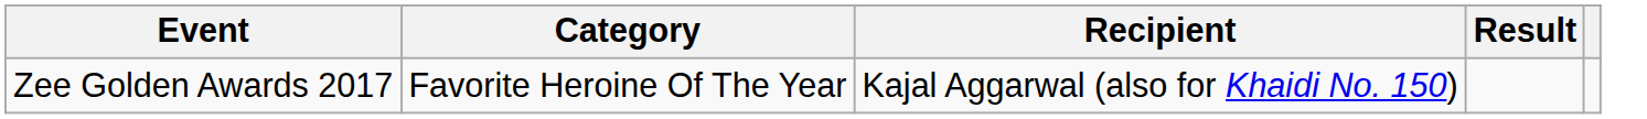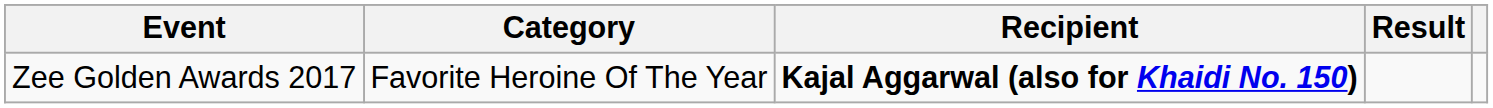 <table class="wikitable">
 <tr>
 <th>Event</th>
 <th>Category</th>
 <th>Recipient</th>
 <th>Result</th>
 <th></th>
 </tr>
 <tr>
 <td rowspan="4">Zee Golden Awards 2017</td>
 <td>Favorite Heroine Of The Year</td>
-<td>Kajal Aggarwal (also for <em><a href='#'>Khaidi No. 150</a></em>)</td>
+<td><strong>Kajal Aggarwal (also for <em><a href='#'>Khaidi No. 150</a></em>)</strong></td>
 <td></td>
 <td></td>
 </tr>
 </table>
